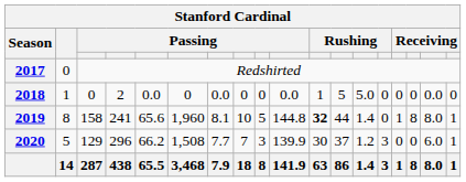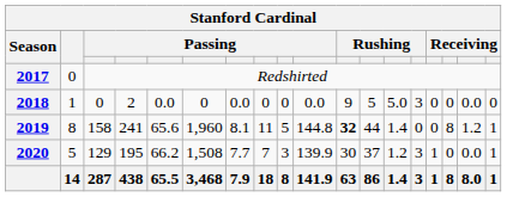 <table class="wikitable" style="text-align:center;">
 <tr>
 <th colspan="18">Stanford Cardinal</th>
 </tr>
 <tr>
 <th rowspan="2">Season</th>
 <th rowspan="2"></th>
 <th colspan="8">Passing</th>
 <th colspan="4">Rushing</th>
 <th colspan="4">Receiving</th>
 </tr>
 <tr>
 <th></th>
 <th></th>
 <th></th>
 <th></th>
 <th></th>
 <th></th>
 <th></th>
 <th></th>
 <th></th>
 <th></th>
 <th></th>
 <th></th>
 <th></th>
 <th></th>
 <th></th>
 <th></th>
 </tr>
 <tr>
 <th><a href='#'>2017</a></th>
 <td>0</td>
 <td colspan="16"> <em>Redshirted</em></td>
 </tr>
 <tr>
 <th><a href='#'>2018</a></th>
 <td>1</td>
 <td>0</td>
 <td>2</td>
 <td>0.0</td>
 <td>0</td>
 <td>0.0</td>
 <td>0</td>
 <td>0</td>
 <td>0.0</td>
-<td>1</td>
+<td>9</td>
 <td>5</td>
 <td>5.0</td>
-<td>0</td>
+<td>3</td>
 <td>0</td>
 <td>0</td>
 <td>0.0</td>
 <td>0</td>
 </tr>
 <tr>
 <th><a href='#'>2019</a></th>
 <td>8</td>
 <td>158</td>
 <td>241</td>
 <td>65.6</td>
 <td>1,960</td>
 <td>8.1</td>
-<td>10</td>
+<td>11</td>
 <td>5</td>
 <td>144.8</td>
 <td><strong>32</strong></td>
 <td>44</td>
 <td>1.4</td>
 <td>0</td>
-<td>1</td>
+<td>0</td>
 <td>8</td>
-<td>8.0</td>
+<td>1.2</td>
 <td>1</td>
 </tr>
 <tr>
 <th><a href='#'>2020</a></th>
 <td>5</td>
 <td>129</td>
-<td>296</td>
+<td>195</td>
 <td>66.2</td>
 <td>1,508</td>
 <td>7.7</td>
 <td>7</td>
 <td>3</td>
 <td>139.9</td>
 <td>30</td>
 <td>37</td>
 <td>1.2</td>
 <td>3</td>
+<td>1</td>
 <td>0</td>
-<td>0</td>
-<td>6.0</td>
+<td>0.0</td>
 <td>1</td>
 </tr>
 <tr>
 <th></th>
 <th>14</th>
 <th>287</th>
 <th>438</th>
 <th>65.5</th>
 <th>3,468</th>
 <th>7.9</th>
 <th>18</th>
 <th>8</th>
 <th>141.9</th>
 <th>63</th>
 <th>86</th>
 <th>1.4</th>
 <th>3</th>
 <th>1</th>
 <th>8</th>
 <th>8.0</th>
 <th>1</th>
 </tr>
 </table>
